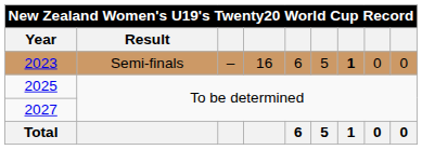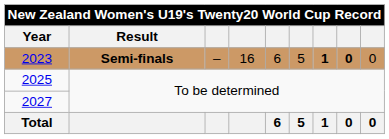 <table class="wikitable" style="text-align:center">
 <tr>
 <th style="color:white; background:black;" colspan=9>New Zealand Women's U19's Twenty20 World Cup Record</th>
 </tr>
 <tr>
 <th>Year</th>
 <th>Result</th>
 <th></th>
 <th></th>
 <th></th>
 <th></th>
 <th></th>
 <th></th>
 <th></th>
 </tr>
 <tr style="background:#cc9966;">
 <td> <a href='#'>2023</a></td>
-<td>Semi-finals</td>
+<td><strong>Semi-finals</strong></td>
 <td>–</td>
 <td>16</td>
 <td>6</td>
 <td>5</td>
 <td><strong>1</strong></td>
-<td>0</td>
+<td><strong>0</strong></td>
 <td>0</td>
 </tr>
 <tr>
 <td> <a href='#'>2025</a></td>
 <td colspan="8" rowspan="2">To be determined</td>
 </tr>
 <tr>
 <td> <a href='#'>2027</a></td>
 </tr>
 <tr>
 <th>Total</th>
 <th></th>
 <th></th>
 <th></th>
 <th>6</th>
 <th>5</th>
 <th>1</th>
 <th>0</th>
 <th>0</th>
 </tr>
 </table>
